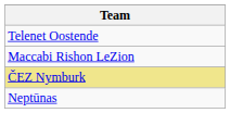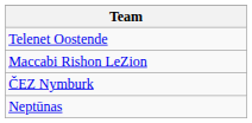 <table class="wikitable" style="width:17em;float:left; margin-right:0.5em">
 <tr>
 </tr>
 <tr>
 <th>Team</th>
 </tr>
 <tr>
 <td> <a href='#'>Telenet Oostende</a></td>
 </tr>
 <tr>
 <td> <a href='#'>Maccabi Rishon LeZion</a></td>
 </tr>
 <tr>
-<td style="background: khaki;"> <a href='#'>ČEZ Nymburk</a></td>
+<td> <a href='#'>ČEZ Nymburk</a></td>
 </tr>
 <tr>
 <td> <a href='#'>Neptūnas</a></td>
 </tr>
 </table>
